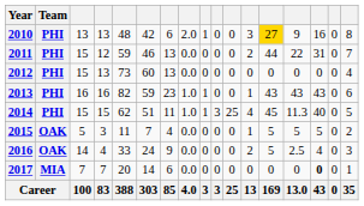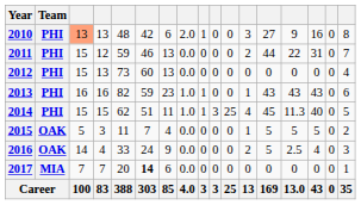 <table class="wikitable" style="text-align:center">
 <tr>
 <th>Year</th>
 <th>Team</th>
 <th></th>
 <th></th>
 <th></th>
 <th></th>
 <th></th>
 <th></th>
 <th></th>
 <th></th>
 <th></th>
 <th></th>
 <th></th>
 <th></th>
 <th></th>
 <th></th>
 <th></th>
 </tr>
 <tr>
 <th><a href='#'>2010</a></th>
 <th><a href='#'>PHI</a></th>
-<td>13</td>
+<td style="background: lightsalmon;">13</td>
 <td>13</td>
 <td>48</td>
 <td>42</td>
 <td>6</td>
 <td>2.0</td>
 <td>1</td>
 <td>0</td>
 <td>0</td>
 <td>3</td>
-<td style="background: gold;">27</td>
+<td>27</td>
 <td>9</td>
 <td>16</td>
 <td>0</td>
 <td>8</td>
 </tr>
 <tr>
 <th><a href='#'>2011</a></th>
 <th><a href='#'>PHI</a></th>
 <td>15</td>
 <td>12</td>
 <td>59</td>
 <td>46</td>
 <td>13</td>
 <td>0.0</td>
 <td>0</td>
 <td>0</td>
 <td>0</td>
 <td>2</td>
 <td>44</td>
 <td>22</td>
 <td>31</td>
 <td>0</td>
 <td>7</td>
 </tr>
 <tr>
 <th><a href='#'>2012</a></th>
 <th><a href='#'>PHI</a></th>
 <td>15</td>
 <td>13</td>
 <td>73</td>
 <td>60</td>
 <td>13</td>
 <td>0.0</td>
 <td>0</td>
 <td>0</td>
 <td>0</td>
 <td>0</td>
 <td>0</td>
 <td>0</td>
 <td>0</td>
 <td>0</td>
 <td>4</td>
 </tr>
 <tr>
 <th><a href='#'>2013</a></th>
 <th><a href='#'>PHI</a></th>
 <td>16</td>
 <td>16</td>
 <td>82</td>
 <td>59</td>
 <td>23</td>
 <td>1.0</td>
 <td>1</td>
 <td>0</td>
 <td>0</td>
 <td>1</td>
 <td>43</td>
 <td>43</td>
 <td>43</td>
 <td>0</td>
 <td>6</td>
 </tr>
 <tr>
 <th><a href='#'>2014</a></th>
 <th><a href='#'>PHI</a></th>
 <td>15</td>
 <td>15</td>
 <td>62</td>
 <td>51</td>
 <td>11</td>
 <td>1.0</td>
 <td>1</td>
 <td>3</td>
 <td>25</td>
 <td>4</td>
 <td>45</td>
 <td>11.3</td>
 <td>40</td>
 <td>0</td>
 <td>5</td>
 </tr>
 <tr>
 <th><a href='#'>2015</a></th>
 <th><a href='#'>OAK</a></th>
 <td>5</td>
 <td>3</td>
 <td>11</td>
 <td>7</td>
 <td>4</td>
 <td>0.0</td>
 <td>0</td>
 <td>0</td>
 <td>0</td>
 <td>1</td>
 <td>5</td>
 <td>5</td>
 <td>5</td>
 <td>0</td>
 <td>2</td>
 </tr>
 <tr>
 <th><a href='#'>2016</a></th>
 <th><a href='#'>OAK</a></th>
 <td>14</td>
 <td>4</td>
 <td>33</td>
 <td>24</td>
 <td>9</td>
 <td>0.0</td>
 <td>0</td>
 <td>0</td>
 <td>0</td>
 <td>2</td>
 <td>5</td>
 <td>2.5</td>
 <td>4</td>
 <td>0</td>
 <td>3</td>
 </tr>
 <tr>
 <th><a href='#'>2017</a></th>
 <th><a href='#'>MIA</a></th>
 <td>7</td>
 <td>7</td>
 <td>20</td>
-<td>14</td>
+<td><strong>14</strong></td>
 <td>6</td>
 <td>0.0</td>
 <td>0</td>
 <td>0</td>
 <td>0</td>
 <td>0</td>
 <td>0</td>
 <td>0</td>
-<td><strong>0</strong></td>
+<td>0</td>
 <td>0</td>
 <td>1</td>
 </tr>
 <tr>
 <th colspan="2">Career</th>
 <th>100</th>
 <th>83</th>
 <th>388</th>
 <th>303</th>
 <th>85</th>
 <th>4.0</th>
 <th>3</th>
 <th>3</th>
 <th>25</th>
 <th>13</th>
 <th>169</th>
 <th>13.0</th>
 <th>43</th>
 <th>0</th>
 <th>35</th>
 </tr>
 </table>
